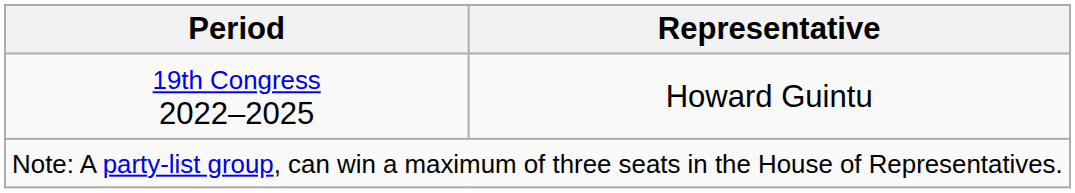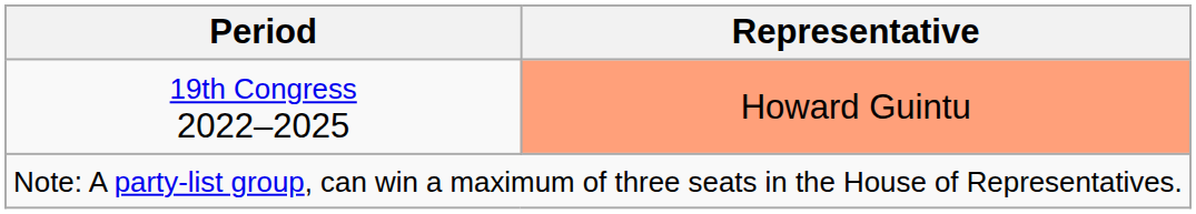 <table class="wikitable"; style="text-align:center">
 <tr>
 <th>Period</th>
 <th>Representative</th>
 </tr>
 <tr>
 <td><small><a href='#'>19th Congress</a></small><br>2022–2025</td>
-<td>Howard Guintu</td>
+<td style="background: lightsalmon;">Howard Guintu</td>
 </tr>
 <tr>
 <td colspan=2><small>Note: A <a href='#'>party-list group</a>, can win a maximum of three seats in the House of Representatives.</small></td>
 </tr>
 </table>
